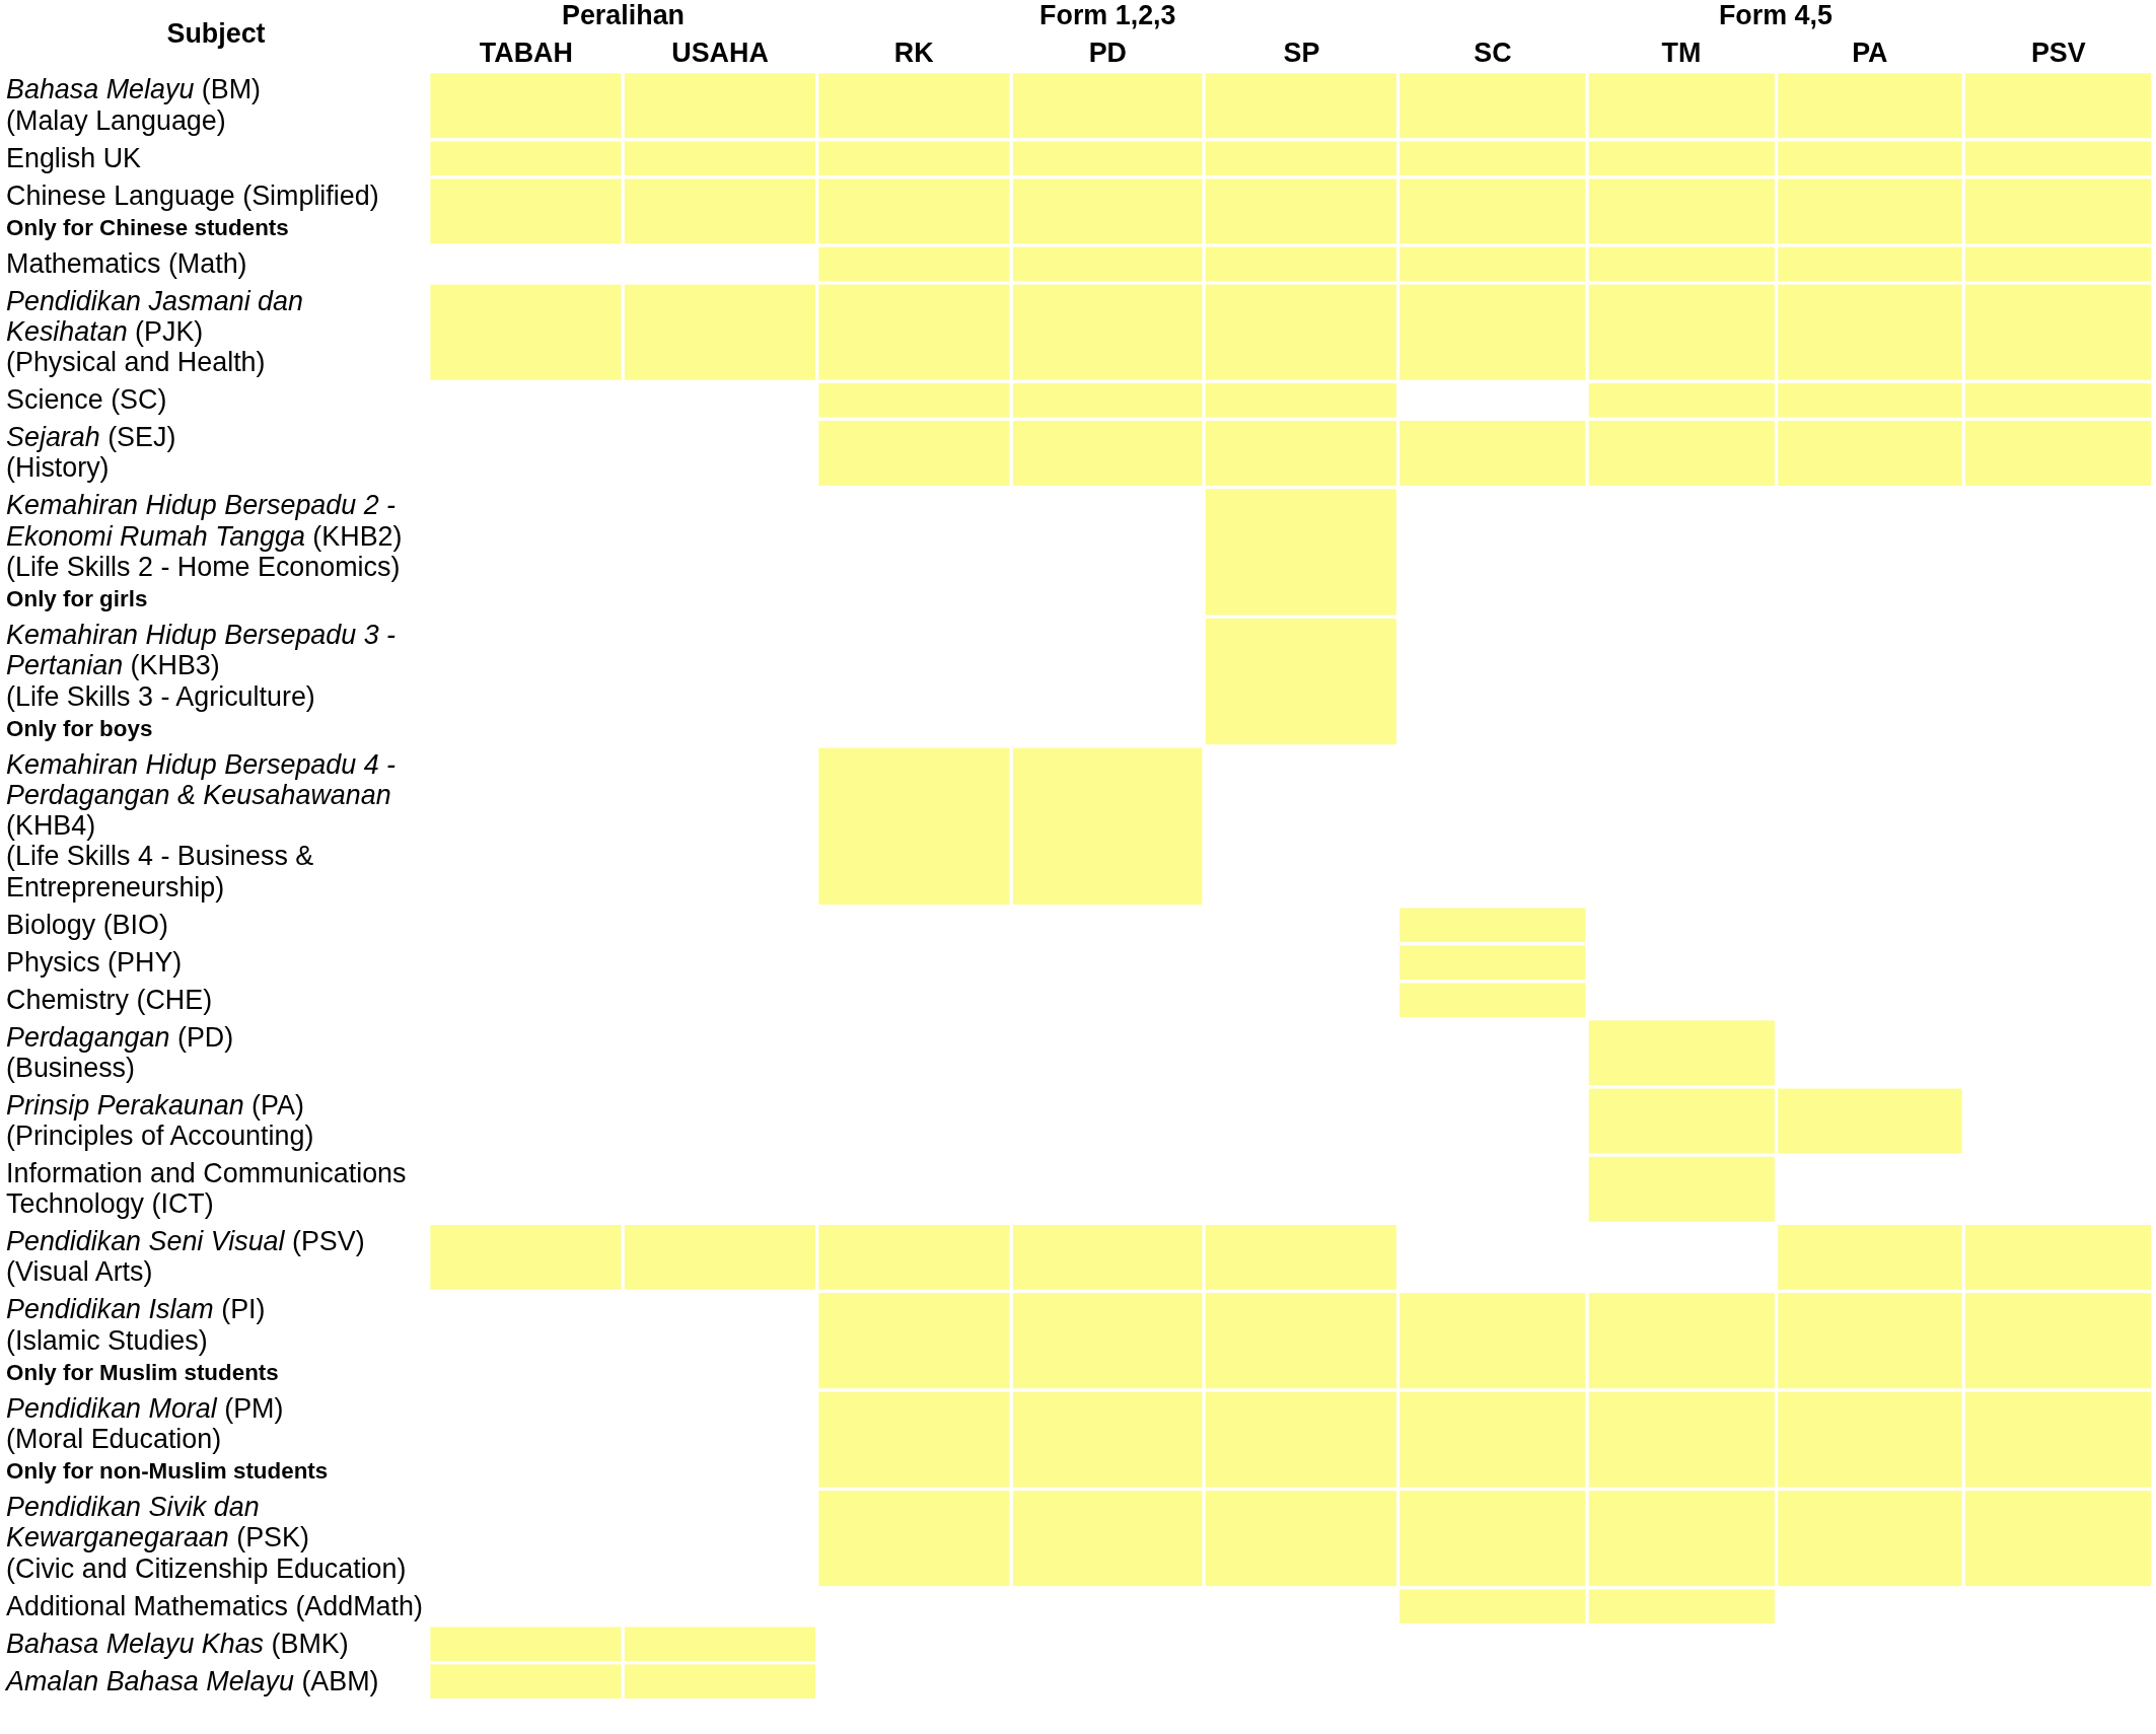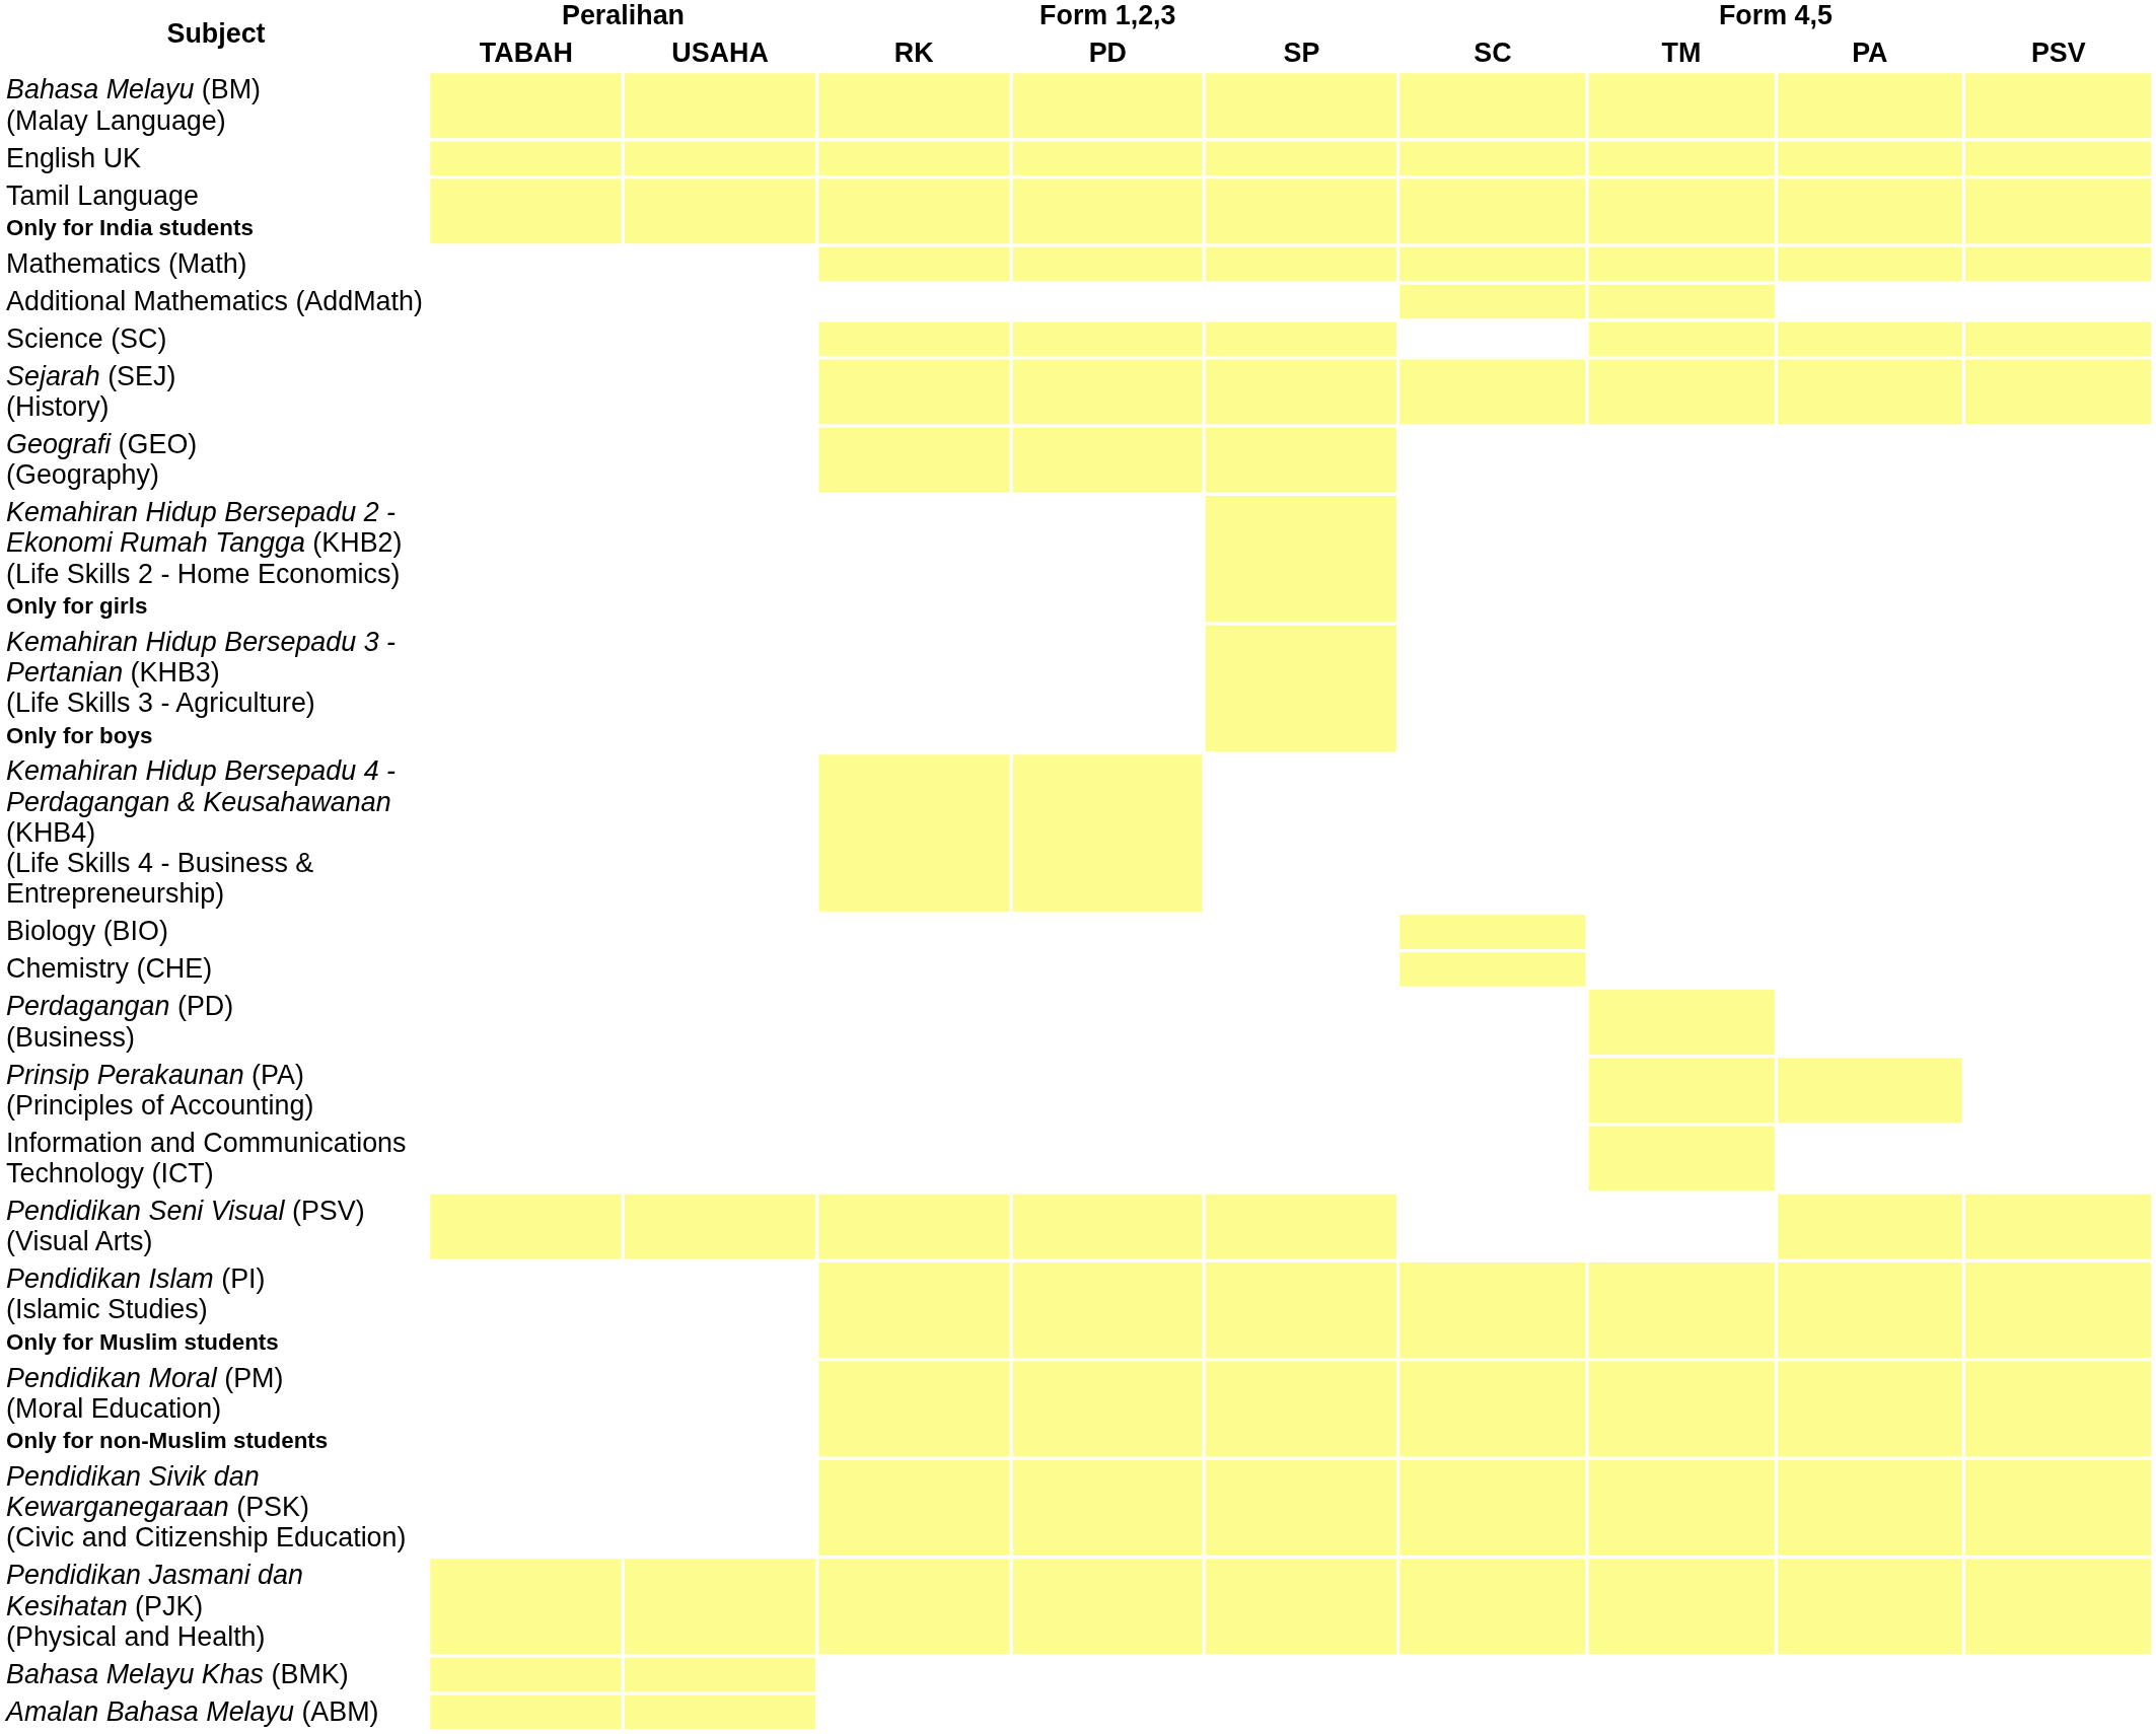 <table width="100%">
 <tr style="text-align:center">
 <th rowspan="2" width="20%"><strong>Subject</strong></th>
 <th colspan="2" width="18%"><strong>Peralihan</strong></th>
 <th colspan="3" width="27%"><strong>Form 1,2,3</strong></th>
 <th colspan="4" width="35%"><strong>Form 4,5</strong></th>
 </tr>
 <tr>
 <th width="80">TABAH</th>
 <th width="80">USAHA</th>
 <th width="80"><strong>RK</strong></th>
 <th width="80"><strong>PD</strong></th>
 <th width="80"><strong>SP</strong></th>
 <th width="80"><strong>SC</strong></th>
 <th width="80"><strong>TM</strong></th>
 <th width="80"><strong>PA</strong></th>
 <th width="80"><strong>PSV</strong></th>
 </tr>
 <tr>
 <td><em>Bahasa Melayu </em> (BM)<br>(Malay Language)</td>
 <td style="background:#FDFC8F;text-align:center;"></td>
 <td style="background:#FDFC8F;text-align:center;"></td>
 <td style="background:#FDFC8F;text-align:center;"></td>
 <td style="background:#FDFC8F;text-align:center;"></td>
 <td style="background:#FDFC8F;text-align:center;"></td>
 <td style="background:#FDFC8F;text-align:center;"></td>
 <td style="background:#FDFC8F;text-align:center;"></td>
 <td style="background:#FDFC8F;text-align:center;"></td>
 <td style="background:#FDFC8F;text-align:center;"></td>
 </tr>
 <tr>
 <td>English UK</td>
 <td style="background:#FDFC8F;text-align:center;"></td>
 <td style="background:#FDFC8F;text-align:center;"></td>
 <td style="background:#FDFC8F;text-align:center;"></td>
 <td style="background:#FDFC8F;text-align:center;"></td>
 <td style="background:#FDFC8F;text-align:center;"></td>
 <td style="background:#FDFC8F;text-align:center;"></td>
 <td style="background:#FDFC8F;text-align:center;"></td>
 <td style="background:#FDFC8F;text-align:center;"></td>
 <td style="background:#FDFC8F;text-align:center;"></td>
 </tr>
 <tr>
-<td>Chinese Language (Simplified)<br><small><strong>Only for Chinese students</strong></small></td>
+<td>Tamil Language<br><small><strong>Only for India students</strong></small></td>
 <td style="background:#FDFC8F;text-align:center;"></td>
 <td style="background:#FDFC8F;text-align:center;"></td>
 <td style="background:#FDFC8F;text-align:center;"></td>
 <td style="background:#FDFC8F;text-align:center;"></td>
 <td style="background:#FDFC8F;text-align:center;"></td>
 <td style="background:#FDFC8F;text-align:center;"></td>
 <td style="background:#FDFC8F;text-align:center;"></td>
 <td style="background:#FDFC8F;text-align:center;"></td>
 <td style="background:#FDFC8F;text-align:center;"></td>
 </tr>
 <tr>
 <td>Mathematics (Math)</td>
 <td></td>
 <td></td>
 <td style="background:#FDFC8F;text-align:center;"></td>
 <td style="background:#FDFC8F;text-align:center;"></td>
 <td style="background:#FDFC8F;text-align:center;"></td>
 <td style="background:#FDFC8F;text-align:center;"></td>
 <td style="background:#FDFC8F;text-align:center;"></td>
 <td style="background:#FDFC8F;text-align:center;"></td>
 <td style="background:#FDFC8F;text-align:center;"></td>
 </tr>
 <tr>
-<td><em>Pendidikan Jasmani dan Kesihatan</em> (PJK)<br>(Physical and Health)</td>
+<td>Additional Mathematics (AddMath)</td>
+<td></td>
+<td></td>
+<td></td>
+<td></td>
+<td></td>
 <td style="background:#FDFC8F;text-align:center;"></td>
 <td style="background:#FDFC8F;text-align:center;"></td>
-<td style="background:#FDFC8F;text-align:center;"></td>
-<td style="background:#FDFC8F;text-align:center;"></td>
-<td style="background:#FDFC8F;text-align:center;"></td>
-<td style="background:#FDFC8F;text-align:center;"></td>
-<td style="background:#FDFC8F;text-align:center;"></td>
-<td style="background:#FDFC8F;text-align:center;"></td>
-<td style="background:#FDFC8F;text-align:center;"></td>
+<td></td>
+<td></td>
 </tr>
 <tr>
 <td>Science (SC)</td>
 <td></td>
 <td></td>
 <td style="background:#FDFC8F;text-align:center;"></td>
 <td style="background:#FDFC8F;text-align:center;"></td>
 <td style="background:#FDFC8F;text-align:center;"></td>
 <td></td>
 <td style="background:#FDFC8F;text-align:center;"></td>
 <td style="background:#FDFC8F;text-align:center;"></td>
 <td style="background:#FDFC8F;text-align:center;"></td>
 </tr>
 <tr>
 <td><em>Sejarah</em> (SEJ)<br>(History)</td>
 <td></td>
 <td></td>
 <td style="background:#FDFC8F;text-align:center;"></td>
 <td style="background:#FDFC8F;text-align:center;"></td>
 <td style="background:#FDFC8F;text-align:center;"></td>
 <td style="background:#FDFC8F;text-align:center;"></td>
 <td style="background:#FDFC8F;text-align:center;"></td>
 <td style="background:#FDFC8F;text-align:center;"></td>
 <td style="background:#FDFC8F;text-align:center;"></td>
+</tr>
+<tr>
+<td><em>Geografi</em> (GEO)<br>(Geography)</td>
+<td></td>
+<td></td>
+<td style="background:#FDFC8F;text-align:center;"></td>
+<td style="background:#FDFC8F;text-align:center;"></td>
+<td style="background:#FDFC8F;text-align:center;"></td>
+<td></td>
+<td></td>
+<td></td>
+<td></td>
 </tr>
 <tr>
 <td><em>Kemahiran Hidup Bersepadu 2 - Ekonomi Rumah Tangga</em> (KHB2)<br>(Life Skills 2 - Home Economics)<br><small><strong>Only for girls</strong></small></td>
 <td></td>
 <td></td>
 <td></td>
 <td></td>
 <td style="background:#FDFC8F;text-align:center;"></td>
 <td></td>
 <td></td>
 <td></td>
 <td></td>
 </tr>
 <tr>
 <td><em>Kemahiran Hidup Bersepadu 3 - Pertanian</em> (KHB3)<br>(Life Skills 3 - Agriculture)<br><small><strong>Only for boys</strong></small></td>
 <td></td>
 <td></td>
 <td></td>
 <td></td>
 <td style="background:#FDFC8F;text-align:center;"></td>
 <td></td>
 <td></td>
 <td></td>
 <td></td>
 </tr>
 <tr>
 <td><em>Kemahiran Hidup Bersepadu 4 - Perdagangan & Keusahawanan</em> (KHB4)<br>(Life Skills 4 - Business & Entrepreneurship)</td>
 <td></td>
 <td></td>
 <td style="background:#FDFC8F;text-align:center;"></td>
 <td style="background:#FDFC8F;text-align:center;"></td>
 <td></td>
 <td></td>
 <td></td>
 <td></td>
 <td></td>
 </tr>
 <tr>
 <td>Biology (BIO)</td>
-<td></td>
-<td></td>
-<td></td>
-<td></td>
-<td></td>
-<td style="background:#FDFC8F;text-align:center;"></td>
-<td></td>
-<td></td>
-<td></td>
-</tr>
-<tr>
-<td>Physics (PHY)</td>
 <td></td>
 <td></td>
 <td></td>
 <td></td>
 <td></td>
 <td style="background:#FDFC8F;text-align:center;"></td>
 <td></td>
 <td></td>
 <td></td>
 </tr>
 <tr>
 <td>Chemistry (CHE)</td>
 <td></td>
 <td></td>
 <td></td>
 <td></td>
 <td></td>
 <td style="background:#FDFC8F;text-align:center;"></td>
 <td></td>
 <td></td>
 <td></td>
 </tr>
 <tr>
 <td><em>Perdagangan</em> (PD)<br>(Business)</td>
 <td></td>
 <td></td>
 <td></td>
 <td></td>
 <td></td>
 <td></td>
 <td style="background:#FDFC8F;text-align:center;"></td>
 <td></td>
 <td></td>
 </tr>
 <tr>
 <td><em>Prinsip Perakaunan</em> (PA)<br>(Principles of Accounting)</td>
 <td></td>
 <td></td>
 <td></td>
 <td></td>
 <td></td>
 <td></td>
 <td style="background:#FDFC8F;text-align:center;"></td>
 <td style="background:#FDFC8F;text-align:center;"></td>
 <td></td>
 </tr>
 <tr>
 <td>Information and Communications Technology (ICT)</td>
 <td></td>
 <td></td>
 <td></td>
 <td></td>
 <td></td>
 <td></td>
 <td style="background:#FDFC8F;text-align:center;"></td>
 <td></td>
 <td></td>
 </tr>
 <tr>
 <td><em>Pendidikan Seni Visual</em> (PSV)<br>(Visual Arts)</td>
 <td style="background:#FDFC8F;text-align:center;"></td>
 <td style="background:#FDFC8F;text-align:center;"></td>
 <td style="background:#FDFC8F;text-align:center;"></td>
 <td style="background:#FDFC8F;text-align:center;"></td>
 <td style="background:#FDFC8F;text-align:center;"></td>
 <td></td>
 <td></td>
 <td style="background:#FDFC8F;text-align:center;"></td>
 <td style="background:#FDFC8F;text-align:center;"></td>
 </tr>
 <tr>
 <td><em>Pendidikan Islam</em> (PI)<br>(Islamic Studies)<br><small><strong>Only for Muslim students</strong></small></td>
 <td></td>
 <td></td>
 <td style="background:#FDFC8F;text-align:center;"></td>
 <td style="background:#FDFC8F;text-align:center;"></td>
 <td style="background:#FDFC8F;text-align:center;"></td>
 <td style="background:#FDFC8F;text-align:center;"></td>
 <td style="background:#FDFC8F;text-align:center;"></td>
 <td style="background:#FDFC8F;text-align:center;"></td>
 <td style="background:#FDFC8F;text-align:center;"></td>
 </tr>
 <tr>
 <td><em>Pendidikan Moral</em> (PM)<br>(Moral Education)<br><small><strong>Only for non-Muslim students</strong></small></td>
 <td></td>
 <td></td>
 <td style="background:#FDFC8F;text-align:center;"></td>
 <td style="background:#FDFC8F;text-align:center;"></td>
 <td style="background:#FDFC8F;text-align:center;"></td>
 <td style="background:#FDFC8F;text-align:center;"></td>
 <td style="background:#FDFC8F;text-align:center;"></td>
 <td style="background:#FDFC8F;text-align:center;"></td>
 <td style="background:#FDFC8F;text-align:center;"></td>
 </tr>
 <tr>
 <td><em>Pendidikan Sivik dan Kewarganegaraan</em> (PSK)<br>(Civic and Citizenship Education)</td>
 <td></td>
 <td></td>
 <td style="background:#FDFC8F;text-align:center;"></td>
 <td style="background:#FDFC8F;text-align:center;"></td>
 <td style="background:#FDFC8F;text-align:center;"></td>
 <td style="background:#FDFC8F;text-align:center;"></td>
 <td style="background:#FDFC8F;text-align:center;"></td>
 <td style="background:#FDFC8F;text-align:center;"></td>
 <td style="background:#FDFC8F;text-align:center;"></td>
 </tr>
 <tr>
-<td>Additional Mathematics (AddMath)</td>
-<td></td>
-<td></td>
-<td></td>
-<td></td>
-<td></td>
+<td><em>Pendidikan Jasmani dan Kesihatan</em> (PJK)<br>(Physical and Health)</td>
 <td style="background:#FDFC8F;text-align:center;"></td>
 <td style="background:#FDFC8F;text-align:center;"></td>
-<td></td>
-<td></td>
+<td style="background:#FDFC8F;text-align:center;"></td>
+<td style="background:#FDFC8F;text-align:center;"></td>
+<td style="background:#FDFC8F;text-align:center;"></td>
+<td style="background:#FDFC8F;text-align:center;"></td>
+<td style="background:#FDFC8F;text-align:center;"></td>
+<td style="background:#FDFC8F;text-align:center;"></td>
+<td style="background:#FDFC8F;text-align:center;"></td>
 </tr>
 <tr>
 <td><em>Bahasa Melayu Khas</em> (BMK)</td>
 <td style="background:#FDFC8F;text-align:center;"></td>
 <td style="background:#FDFC8F;text-align:center;"></td>
 <td></td>
 <td></td>
 <td></td>
 <td></td>
 <td></td>
 <td></td>
 <td></td>
 </tr>
 <tr>
 <td><em>Amalan Bahasa Melayu</em> (ABM)</td>
 <td style="background:#FDFC8F;text-align:center;"></td>
 <td style="background:#FDFC8F;text-align:center;"></td>
 <td></td>
 <td></td>
 <td></td>
 <td></td>
 <td></td>
 <td></td>
 <td></td>
 </tr>
 </table>
